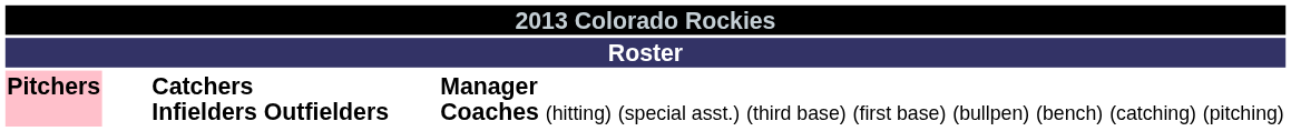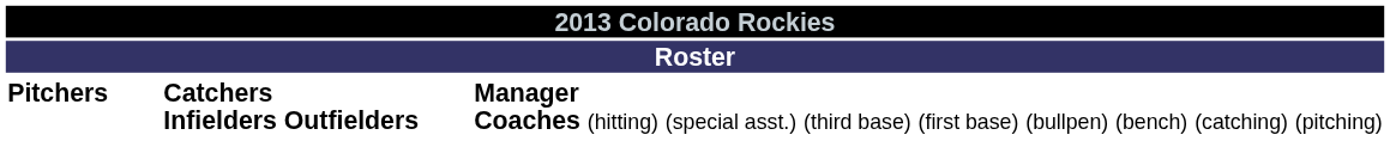 <table class="toccolours" style="font-size: 95%;">
 <tr>
 <th colspan="10" style="background-color: #000000; color: #C4CED4; text-align: center;">2013 Colorado Rockies</th>
 </tr>
 <tr>
 <td colspan="10" style="background-color: #333366; color: #FFFFFF; text-align: center;"><strong>Roster</strong></td>
 </tr>
 <tr>
-<td valign="top" style="background: pink;"><strong>Pitchers</strong><br>                         </td>
+<td valign="top"><strong>Pitchers</strong><br>                         </td>
 <td width="25px"></td>
 <td valign="top"><strong>Catchers</strong><br>  <strong>Infielders</strong>           <strong>Outfielders</strong>         </td>
 <td width="25px"></td>
 <td valign="top"><strong>Manager</strong><br> <strong>Coaches</strong>  <small>(hitting)</small>  <small>(special asst.)</small>  <small>(third base)</small>  <small>(first base)</small>  <small>(bullpen)</small>  <small>(bench)</small>   <small>(catching)</small>  <small>(pitching)</small></td>
 </tr>
 <tr>
 </tr>
 </table>
